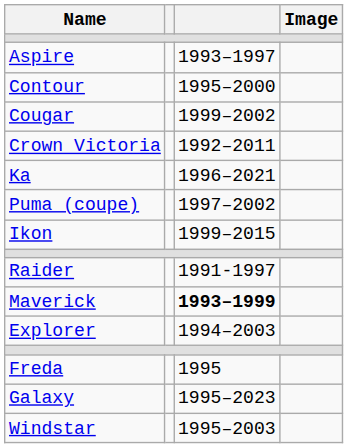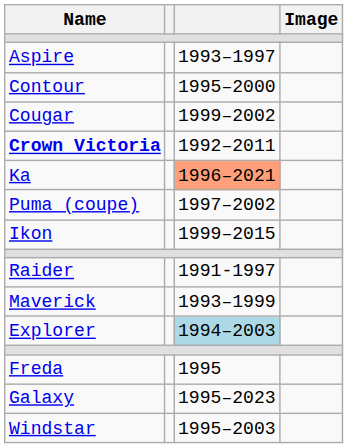 <table class="wikitable sortable">
 <tr>
 <th style="width:px;">Name</th>
 <th style="width:px;"></th>
 <th style="width:px;"></th>
 <th style="width:px;">Image</th>
 </tr>
 <tr>
 <td colspan=6 style=background:#e0e0e0></td>
 </tr>
 <tr>
 <td><a href='#'>Aspire</a></td>
 <td></td>
 <td>1993–1997</td>
 <td></td>
 </tr>
 <tr>
 <td><a href='#'>Contour</a></td>
 <td></td>
 <td>1995–2000</td>
 <td></td>
 </tr>
 <tr>
 <td><a href='#'>Cougar</a></td>
 <td></td>
 <td>1999–2002</td>
 <td></td>
 </tr>
 <tr>
-<td><a href='#'>Crown Victoria</a></td>
+<td><strong><a href='#'>Crown Victoria</a></strong></td>
 <td></td>
 <td>1992–2011</td>
 <td></td>
 </tr>
 <tr>
 <td><a href='#'>Ka</a></td>
 <td></td>
-<td>1996–2021</td>
+<td style="background: lightsalmon;">1996–2021</td>
 <td></td>
 </tr>
 <tr>
 <td><a href='#'>Puma (coupe)</a></td>
 <td></td>
 <td>1997–2002</td>
 <td></td>
 </tr>
 <tr>
 <td><a href='#'>Ikon</a></td>
 <td></td>
 <td>1999–2015</td>
 <td></td>
 </tr>
 <tr>
 <td colspan=6 style=background:#e0e0e0></td>
 </tr>
 <tr>
 <td><a href='#'>Raider</a></td>
 <td></td>
 <td>1991-1997</td>
 <td></td>
 </tr>
 <tr>
 <td><a href='#'>Maverick</a></td>
 <td></td>
-<td><strong>1993–1999</strong></td>
+<td>1993–1999</td>
 <td></td>
 </tr>
 <tr>
 <td><a href='#'>Explorer</a></td>
 <td></td>
-<td>1994–2003</td>
+<td style="background: lightblue;">1994–2003</td>
 <td></td>
 </tr>
 <tr>
 <td colspan=6 style=background:#e0e0e0></td>
 </tr>
 <tr>
 <td><a href='#'>Freda</a></td>
 <td></td>
 <td>1995</td>
 <td></td>
 </tr>
 <tr>
 <td><a href='#'>Galaxy</a></td>
 <td></td>
 <td>1995–2023</td>
 <td></td>
 </tr>
 <tr>
 <td><a href='#'>Windstar</a></td>
 <td></td>
 <td>1995–2003</td>
 <td></td>
 </tr>
 </table>
